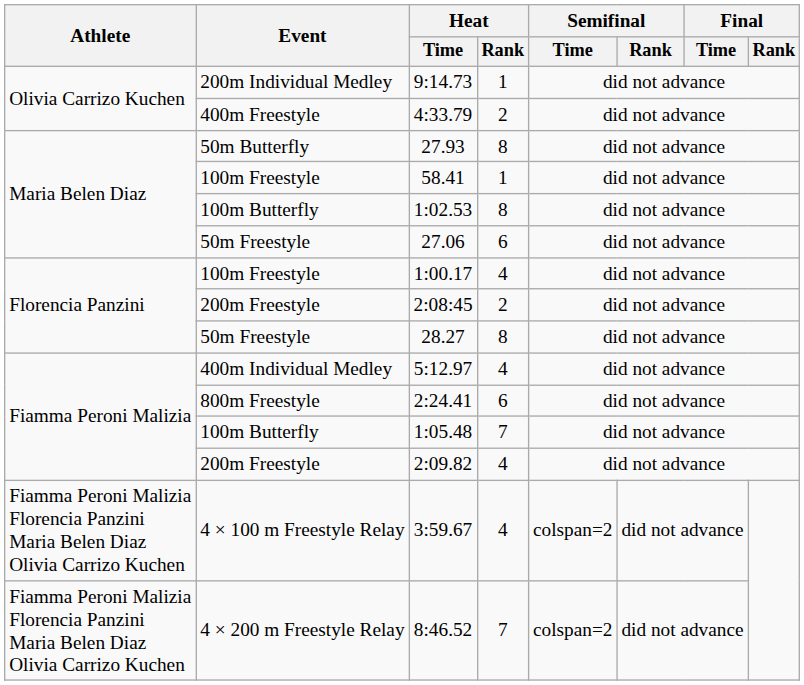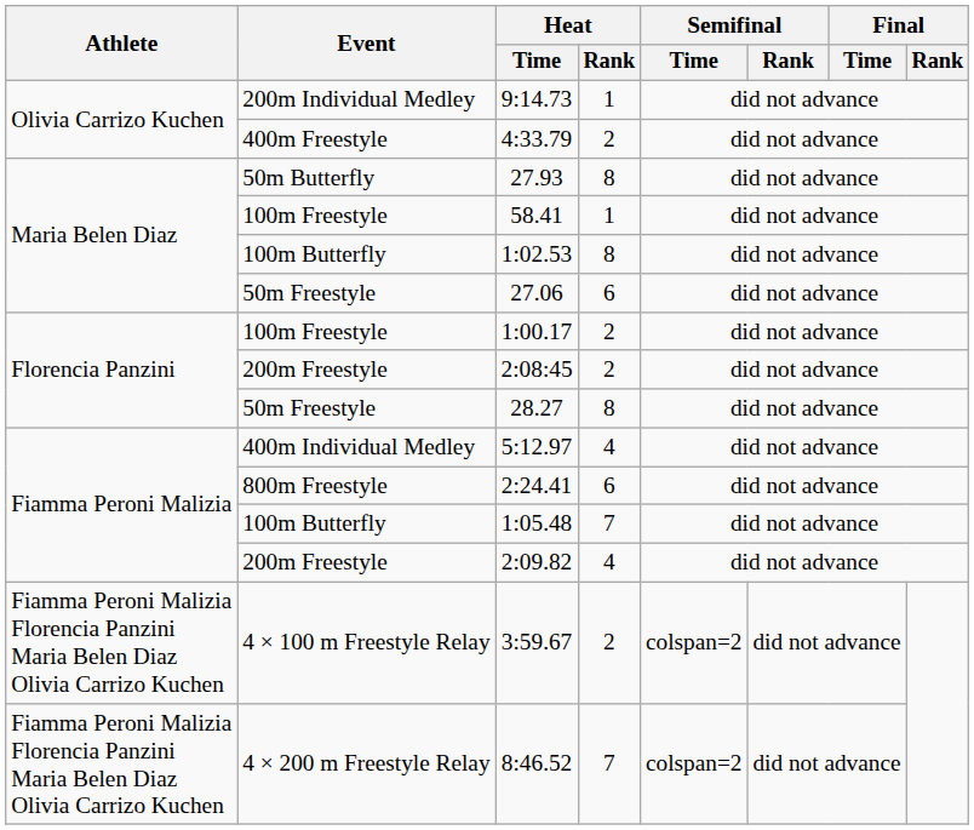 <table class=wikitable style="font-size:90%">
 <tr>
 <th rowspan="2">Athlete</th>
 <th rowspan="2">Event</th>
 <th colspan="2">Heat</th>
 <th colspan="2">Semifinal</th>
 <th colspan="2">Final</th>
 </tr>
 <tr style="font-size:95%">
 <th>Time</th>
 <th>Rank</th>
 <th>Time</th>
 <th>Rank</th>
 <th>Time</th>
 <th>Rank</th>
 </tr>
 <tr align=center>
 <td align=left rowspan=2>Olivia Carrizo Kuchen</td>
 <td align=left>200m Individual Medley</td>
 <td>9:14.73</td>
 <td>1</td>
 <td colspan=4>did not advance</td>
 </tr>
 <tr align=center>
 <td align=left>400m Freestyle</td>
 <td>4:33.79</td>
 <td>2</td>
 <td colspan=4>did not advance</td>
 </tr>
 <tr align=center>
 <td align=left rowspan=4>Maria Belen Diaz</td>
 <td align=left>50m Butterfly</td>
 <td>27.93</td>
 <td>8</td>
 <td colspan=4>did not advance</td>
 </tr>
 <tr align=center>
 <td align=left>100m Freestyle</td>
 <td>58.41</td>
 <td>1</td>
 <td colspan=4>did not advance</td>
 </tr>
 <tr align=center>
 <td align=left>100m Butterfly</td>
 <td>1:02.53</td>
 <td>8</td>
 <td colspan=4>did not advance</td>
 </tr>
 <tr align=center>
 <td align=left>50m Freestyle</td>
 <td>27.06</td>
 <td>6</td>
 <td colspan=4>did not advance</td>
 </tr>
 <tr align=center>
 <td align=left rowspan=3>Florencia Panzini</td>
 <td align=left>100m Freestyle</td>
 <td>1:00.17</td>
-<td>4</td>
+<td>2</td>
 <td colspan=4>did not advance</td>
 </tr>
 <tr align=center>
 <td align=left>200m Freestyle</td>
 <td>2:08:45</td>
 <td>2</td>
 <td colspan=4>did not advance</td>
 </tr>
 <tr align=center>
 <td align=left>50m Freestyle</td>
 <td>28.27</td>
 <td>8</td>
 <td colspan=4>did not advance</td>
 </tr>
 <tr align=center>
 <td align=left rowspan=4>Fiamma Peroni Malizia</td>
 <td align=left>400m Individual Medley</td>
 <td>5:12.97</td>
 <td>4</td>
 <td colspan=4>did not advance</td>
 </tr>
 <tr align=center>
 <td align=left>800m Freestyle</td>
 <td>2:24.41</td>
 <td>6</td>
 <td colspan=4>did not advance</td>
 </tr>
 <tr align=center>
 <td align=left>100m Butterfly</td>
 <td>1:05.48</td>
 <td>7</td>
 <td colspan=4>did not advance</td>
 </tr>
 <tr align=center>
 <td align=left>200m Freestyle</td>
 <td>2:09.82</td>
 <td>4</td>
 <td colspan=4>did not advance</td>
 </tr>
 <tr align=center>
 <td align=left>Fiamma Peroni Malizia<br>Florencia Panzini<br>Maria Belen Diaz<br>Olivia Carrizo Kuchen</td>
 <td align=left>4 × 100 m Freestyle Relay</td>
 <td>3:59.67</td>
-<td>4</td>
+<td>2</td>
 <td>colspan=2 </td>
 <td colspan=2>did not advance</td>
 </tr>
 <tr align=center>
 <td align=left>Fiamma Peroni Malizia<br>Florencia Panzini<br>Maria Belen Diaz<br>Olivia Carrizo Kuchen</td>
 <td align=left>4 × 200 m Freestyle Relay</td>
 <td>8:46.52</td>
 <td>7</td>
 <td>colspan=2 </td>
 <td colspan=2>did not advance</td>
 </tr>
 </table>
